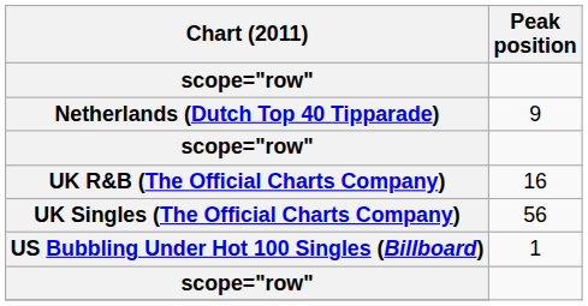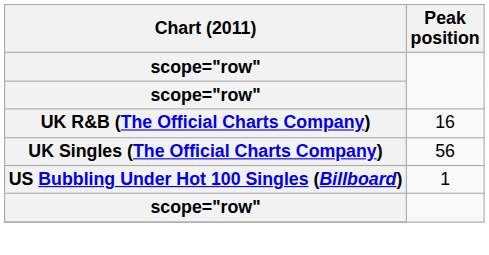 <table class="wikitable sortable plainrowheaders" style="text-align:center;">
 <tr>
 <th scope="col">Chart (2011)</th>
 <th scope="col">Peak<br>position</th>
 </tr>
 <tr>
 <th>scope="row"</th>
-</tr>
-<tr>
-<th scope="row">Netherlands (<a href='#'>Dutch Top 40 Tipparade</a>)</th>
-<td>9</td>
 </tr>
 <tr>
 <th>scope="row"</th>
 </tr>
 <tr>
 <th scope="row">UK R&B (<a href='#'>The Official Charts Company</a>)</th>
 <td style="text-align:center;">16</td>
 </tr>
 <tr>
 <th scope="row">UK Singles (<a href='#'>The Official Charts Company</a>)</th>
 <td style="text-align:center;">56</td>
 </tr>
 <tr>
 <th scope="row">US <a href='#'>Bubbling Under Hot 100 Singles</a> (<a href='#'><em>Billboard</em></a>)</th>
 <td style="text-align:center;">1</td>
 </tr>
 <tr>
 <th>scope="row"</th>
 </tr>
 <tr>
 </tr>
 <tr>
 </tr>
 </table>
